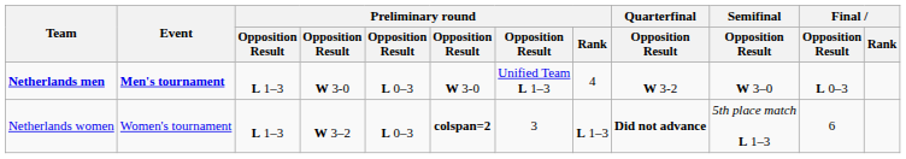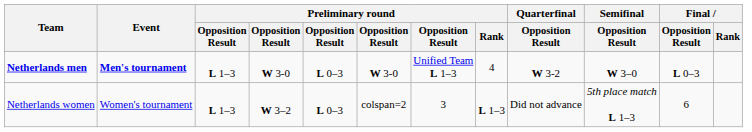 <table class=wikitable style=font-size:90%;text-align:center>
 <tr>
 <th rowspan=2>Team</th>
 <th rowspan=2>Event</th>
 <th colspan=6>Preliminary round</th>
 <th>Quarterfinal</th>
 <th>Semifinal</th>
 <th colspan=2>Final / </th>
 </tr>
 <tr style=font-size:95%>
 <th>Opposition<br>Result</th>
 <th>Opposition<br>Result</th>
 <th>Opposition<br>Result</th>
 <th>Opposition<br>Result</th>
 <th>Opposition<br>Result</th>
 <th>Rank</th>
 <th>Opposition<br>Result</th>
 <th>Opposition<br>Result</th>
 <th>Opposition<br>Result</th>
 <th>Rank</th>
 </tr>
 <tr>
 <td align=left><strong><a href='#'>Netherlands men</a></strong></td>
 <td align=left><strong><a href='#'>Men's tournament</a></strong></td>
 <td><br><strong>L</strong> 1–3</td>
 <td><br><strong>W</strong> 3-0</td>
 <td><br><strong>L</strong> 0–3</td>
 <td><br><strong>W</strong> 3-0</td>
 <td> <a href='#'>Unified Team</a><br><strong>L</strong> 1–3</td>
 <td>4</td>
 <td><br><strong>W</strong> 3-2</td>
 <td><br><strong>W</strong> 3–0</td>
 <td><br><strong>L</strong> 0–3</td>
 <td></td>
 </tr>
 <tr>
 <td align=left><a href='#'>Netherlands women</a></td>
 <td align=left><a href='#'>Women's tournament</a></td>
 <td><br><strong>L</strong> 1–3</td>
 <td><br><strong>W</strong> 3–2</td>
 <td><br><strong>L</strong> 0–3</td>
-<td><strong>colspan=2 </strong></td>
+<td>colspan=2 </td>
 <td>3</td>
 <td><br><strong>L</strong> 1–3</td>
-<td><strong>Did not advance</strong></td>
+<td>Did not advance</td>
 <td><em>5th place match</em><br><br><strong>L</strong> 1–3</td>
 <td>6</td>
 </tr>
 </table>
